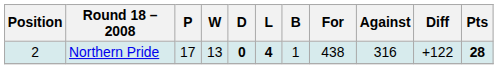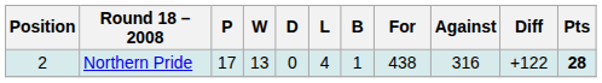 <table class="wikitable" style="text-align:center; font-size:85%;">
 <tr>
 <th width=40 abbr="Position">Position</th>
 <th width=100>Round 18 – 2008</th>
 <th width=20 abbr="Played">P</th>
 <th width=20 abbr="Won">W</th>
 <th width=20 abbr="Drawn">D</th>
 <th width=20 abbr="Lost">L</th>
 <th width=20 abbr="Bye">B</th>
 <th width=40 abbr="Points for">For</th>
 <th width=40 abbr="Points against">Against</th>
 <th width=40 abbr="Points difference">Diff</th>
 <th width=25 abbr="Points">Pts</th>
 </tr>
 <tr style="background: #d7ebed;">
 <td>2</td>
 <td style="text-align:left;"> <a href='#'>Northern Pride</a></td>
 <td>17</td>
 <td>13</td>
-<td><strong>0</strong></td>
-<td><strong>4</strong></td>
+<td>0</td>
+<td>4</td>
 <td>1</td>
 <td>438</td>
 <td>316</td>
 <td>+122</td>
 <td><strong>28</strong></td>
 </tr>
 <tr>
 </tr>
 </table>
